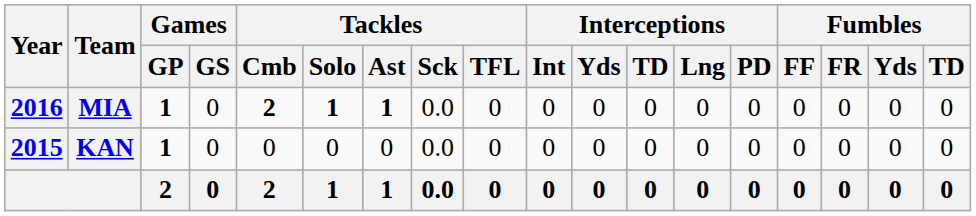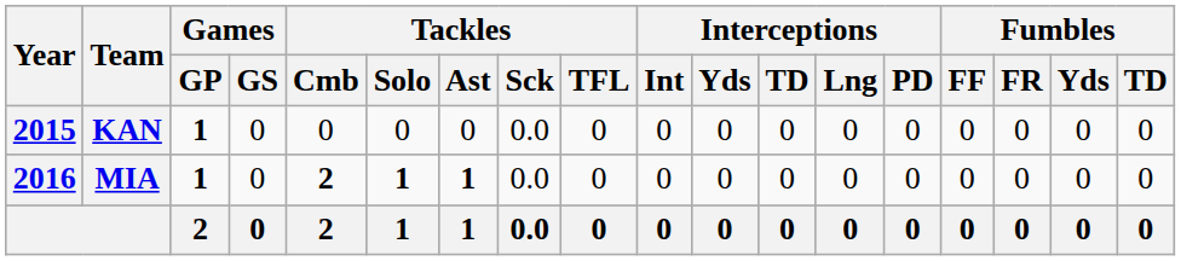 <table class="wikitable" style="text-align:center">
 <tr>
 <th rowspan="2">Year</th>
 <th rowspan="2">Team</th>
 <th colspan="2">Games</th>
 <th colspan="5">Tackles</th>
 <th colspan="5">Interceptions</th>
 <th colspan="4">Fumbles</th>
 </tr>
 <tr>
 <th>GP</th>
 <th>GS</th>
 <th>Cmb</th>
 <th>Solo</th>
 <th>Ast</th>
 <th>Sck</th>
 <th>TFL</th>
 <th>Int</th>
 <th>Yds</th>
 <th>TD</th>
 <th>Lng</th>
 <th>PD</th>
 <th>FF</th>
 <th>FR</th>
 <th>Yds</th>
 <th>TD</th>
 </tr>
 <tr>
-<th><a href='#'>2016</a></th>
-<th><a href='#'>MIA</a></th>
+<th><a href='#'>2015</a></th>
+<th><a href='#'>KAN</a></th>
 <td><strong>1</strong></td>
 <td>0</td>
-<td><strong>2</strong></td>
-<td><strong>1</strong></td>
-<td><strong>1</strong></td>
+<td>0</td>
+<td>0</td>
+<td>0</td>
 <td>0.0</td>
 <td>0</td>
 <td>0</td>
 <td>0</td>
 <td>0</td>
 <td>0</td>
 <td>0</td>
 <td>0</td>
 <td>0</td>
 <td>0</td>
 <td>0</td>
 </tr>
 <tr>
-<th><a href='#'>2015</a></th>
-<th><a href='#'>KAN</a></th>
+<th><a href='#'>2016</a></th>
+<th><a href='#'>MIA</a></th>
 <td><strong>1</strong></td>
 <td>0</td>
-<td>0</td>
-<td>0</td>
-<td>0</td>
+<td><strong>2</strong></td>
+<td><strong>1</strong></td>
+<td><strong>1</strong></td>
 <td>0.0</td>
 <td>0</td>
 <td>0</td>
 <td>0</td>
 <td>0</td>
 <td>0</td>
 <td>0</td>
 <td>0</td>
 <td>0</td>
 <td>0</td>
 <td>0</td>
 </tr>
 <tr>
 <th colspan="2"></th>
 <th>2</th>
 <th>0</th>
 <th>2</th>
 <th>1</th>
 <th>1</th>
 <th>0.0</th>
 <th>0</th>
 <th>0</th>
 <th>0</th>
 <th>0</th>
 <th>0</th>
 <th>0</th>
 <th>0</th>
 <th>0</th>
 <th>0</th>
 <th>0</th>
 </tr>
 </table>
